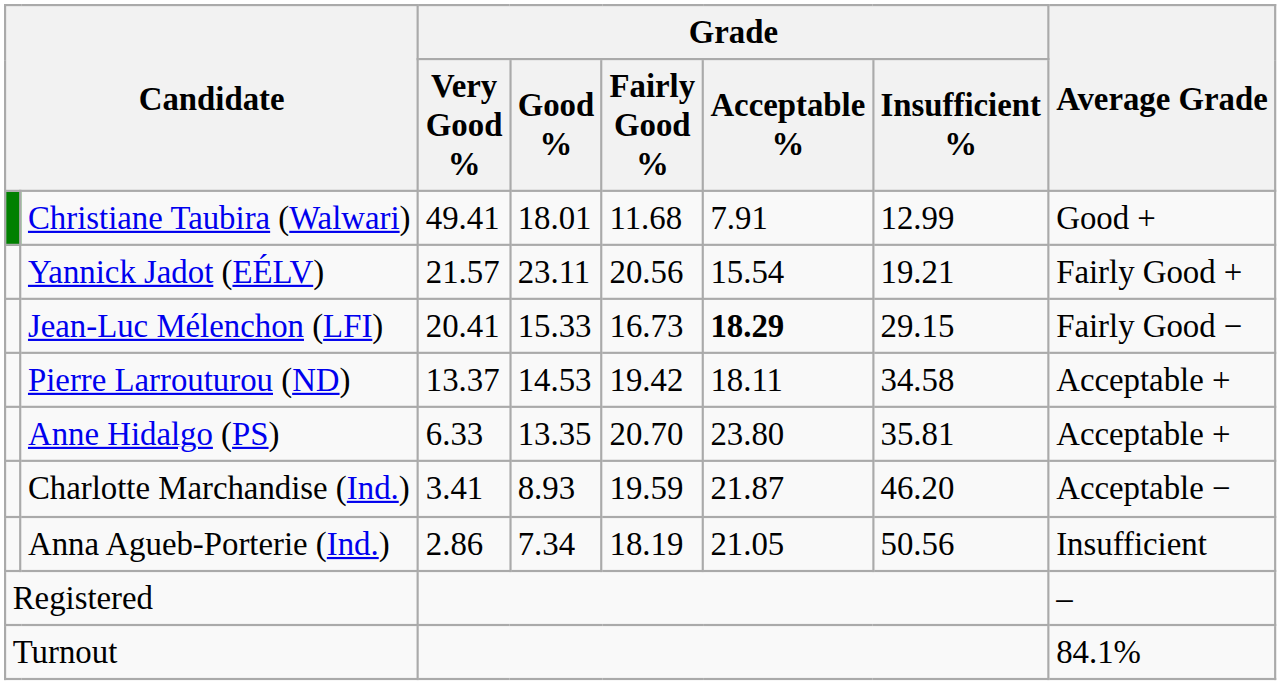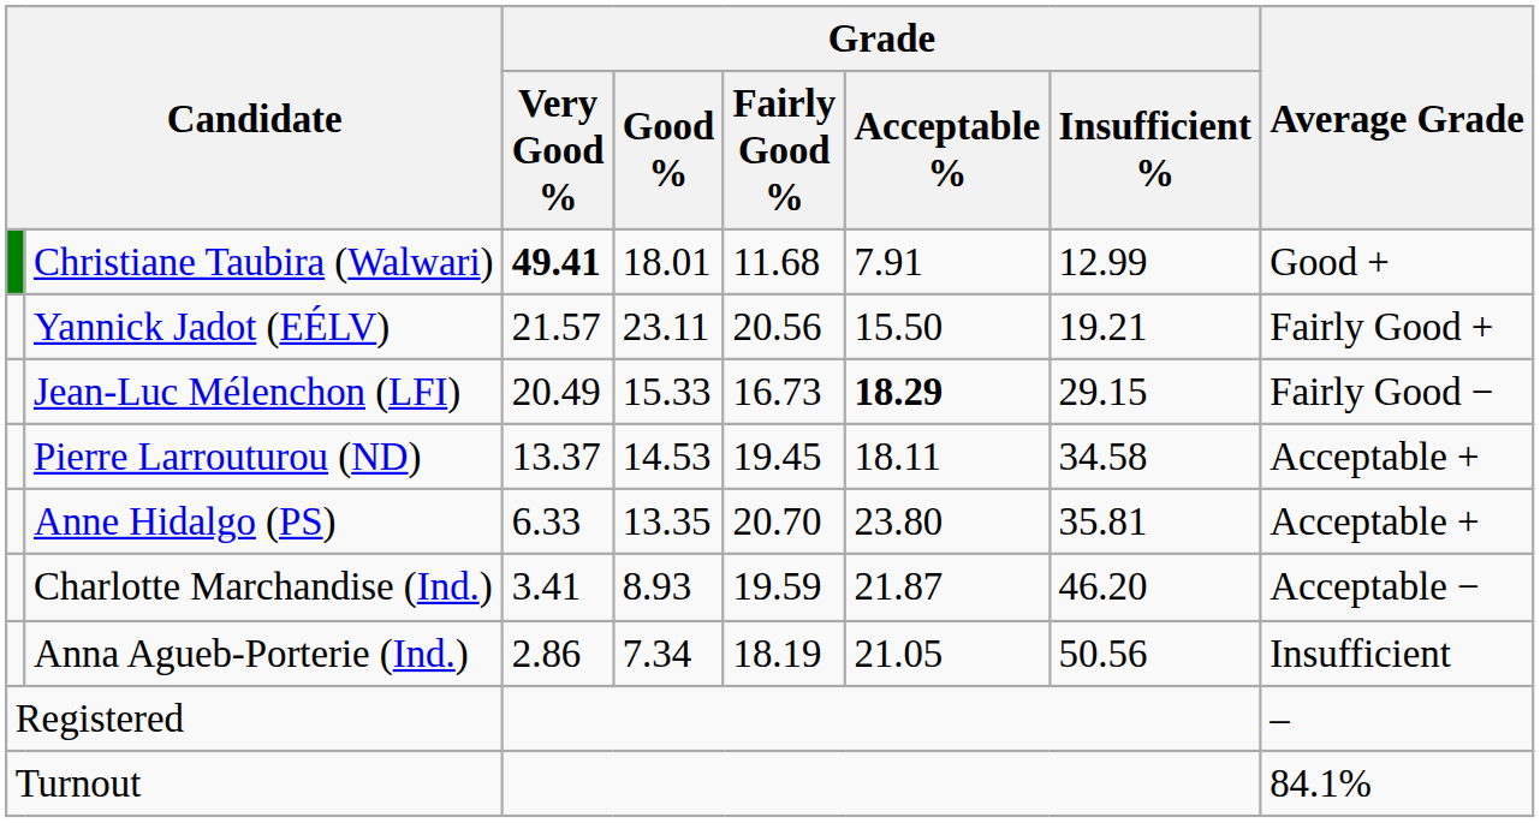 <table class="wikitable" style="font-size:95%;">
 <tr>
 <th colspan="2" rowspan=2>Candidate</th>
 <th colspan=5>Grade</th>
 <th rowspan=2>Average Grade</th>
 </tr>
 <tr>
 <th width="10px">Very Good %</th>
 <th width="10px">Good %</th>
 <th width="10px">Fairly Good %</th>
 <th width="10px">Acceptable %</th>
 <th width="10px">Insufficient %</th>
 </tr>
 <tr>
 <td style="background-color:green;"></td>
 <td><a href='#'>Christiane Taubira</a> (<a href='#'>Walwari</a>)</td>
-<td>49.41</td>
+<td><strong>49.41</strong></td>
 <td>18.01</td>
 <td>11.68</td>
 <td>7.91</td>
 <td>12.99</td>
 <td>Good +</td>
 </tr>
 <tr>
 <td style="background-color:"></td>
 <td><a href='#'>Yannick Jadot</a> (<a href='#'>EÉLV</a>)</td>
 <td>21.57</td>
 <td>23.11</td>
 <td>20.56</td>
-<td>15.54</td>
+<td>15.50</td>
 <td>19.21</td>
 <td>Fairly Good +</td>
 </tr>
 <tr>
 <td style="background-color:"></td>
 <td><a href='#'>Jean-Luc Mélenchon</a> (<a href='#'>LFI</a>)</td>
-<td>20.41</td>
+<td>20.49</td>
 <td>15.33</td>
 <td>16.73</td>
 <td><strong>18.29</strong></td>
 <td>29.15</td>
 <td>Fairly Good −</td>
 </tr>
 <tr>
 <td style="background-color:"></td>
 <td><a href='#'>Pierre Larrouturou</a> (<a href='#'>ND</a>)</td>
 <td>13.37</td>
 <td>14.53</td>
-<td>19.42</td>
+<td>19.45</td>
 <td>18.11</td>
 <td>34.58</td>
 <td>Acceptable +</td>
 </tr>
 <tr>
 <td style="background-color:"></td>
 <td><a href='#'>Anne Hidalgo</a> (<a href='#'>PS</a>)</td>
 <td>6.33</td>
 <td>13.35</td>
 <td>20.70</td>
 <td>23.80</td>
 <td>35.81</td>
 <td>Acceptable +</td>
 </tr>
 <tr>
 <td style="background-color:"></td>
 <td>Charlotte Marchandise (<a href='#'>Ind.</a>)</td>
 <td>3.41</td>
 <td>8.93</td>
 <td>19.59</td>
 <td>21.87</td>
 <td>46.20</td>
 <td>Acceptable −</td>
 </tr>
 <tr>
 <td style="background-color:"></td>
 <td>Anna Agueb-Porterie (<a href='#'>Ind.</a>)</td>
 <td>2.86</td>
 <td>7.34</td>
 <td>18.19</td>
 <td>21.05</td>
 <td>50.56</td>
 <td>Insufficient</td>
 </tr>
 <tr>
 <td colspan="2">Registered</td>
 <td colspan="5"></td>
 <td>–</td>
 </tr>
 <tr>
 <td colspan="2">Turnout</td>
 <td colspan="5"></td>
 <td>84.1%</td>
 </tr>
 </table>
